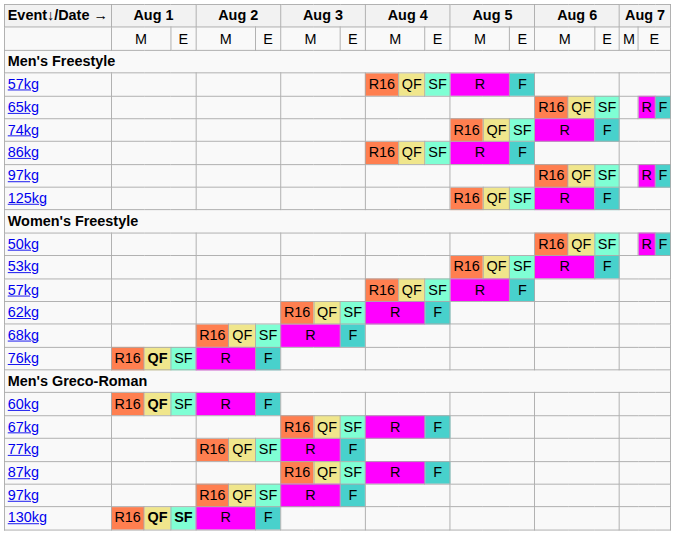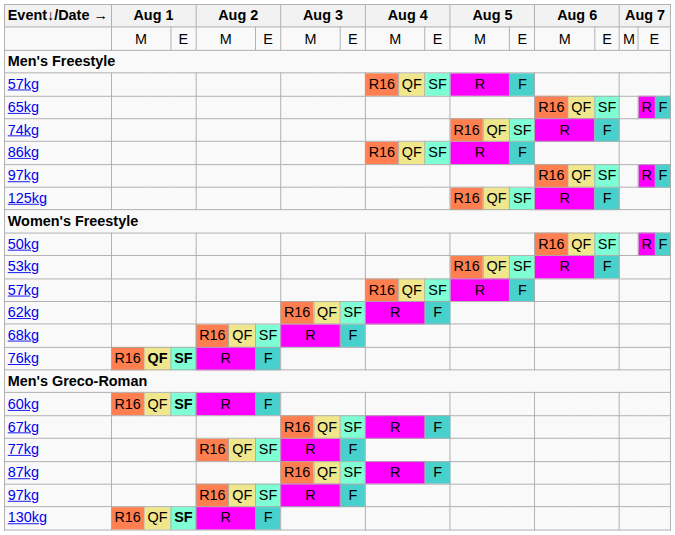 <table class="wikitable olympic-schedule Wrestling">
 <tr>
 <th>Event↓/Date →</th>
 <th colspan="3">Aug 1</th>
 <th colspan="3">Aug 2</th>
 <th colspan="3">Aug 3</th>
 <th colspan="3">Aug 4</th>
 <th colspan="3">Aug 5</th>
 <th colspan="3">Aug 6</th>
 <th colspan="3">Aug 7</th>
 </tr>
 <tr>
 <td></td>
 <td colspan="2" align=center>M</td>
 <td align=center>E</td>
 <td colspan="2" align=center>M</td>
 <td align=center>E</td>
 <td colspan="2" align=center>M</td>
 <td align=center>E</td>
 <td colspan="2" align=center>M</td>
 <td align=center>E</td>
 <td colspan="2" align=center>M</td>
 <td align=center>E</td>
 <td colspan="2" align=center>M</td>
 <td align=center>E</td>
 <td align=center>M</td>
 <td colspan="2" align=center>E</td>
 </tr>
 <tr>
 <td colspan="22" class="event"><strong>Men's Freestyle</strong></td>
 </tr>
 <tr>
 <td class="event"><a href='#'>57kg</a></td>
 <td colspan="3"></td>
 <td colspan="3"></td>
 <td colspan="3"></td>
 <td bgcolor="#FF7F50" align=center>R16</td>
 <td bgcolor="#F0E68C" align=center>QF</td>
 <td bgcolor="#7FFFD4" align=center>SF</td>
 <td colspan="2" bgcolor="#FF00FF" align=center>R</td>
 <td bgcolor="#48D1CC" align=center>F</td>
 <td colspan="3"></td>
 <td colspan="3"></td>
 </tr>
 <tr>
 <td class="event"><a href='#'>65kg</a></td>
 <td colspan="3"></td>
 <td colspan="3"></td>
 <td colspan="3"></td>
 <td colspan="3"></td>
 <td colspan="3"></td>
 <td bgcolor="#FF7F50" align=center>R16</td>
 <td bgcolor="#F0E68C" align=center>QF</td>
 <td bgcolor="#7FFFD4" align=center>SF</td>
 <td></td>
 <td bgcolor="#FF00FF" align=center>R</td>
 <td bgcolor="#48D1CC" align=center>F</td>
 </tr>
 <tr>
 <td class="event"><a href='#'>74kg</a></td>
 <td colspan="3"></td>
 <td colspan="3"></td>
 <td colspan="3"></td>
 <td colspan="3"></td>
 <td bgcolor="#FF7F50" align=center>R16</td>
 <td bgcolor="#F0E68C" align=center>QF</td>
 <td bgcolor="#7FFFD4" align=center>SF</td>
 <td colspan="2" bgcolor="#FF00FF" align=center>R</td>
 <td bgcolor="#48D1CC" align=center>F</td>
 <td colspan="3"></td>
 </tr>
 <tr>
 <td class="event"><a href='#'>86kg</a></td>
 <td colspan="3"></td>
 <td colspan="3"></td>
 <td colspan="3"></td>
 <td bgcolor="#FF7F50" align=center>R16</td>
 <td bgcolor="#F0E68C" align=center>QF</td>
 <td bgcolor="#7FFFD4" align=center>SF</td>
 <td colspan="2" bgcolor="#FF00FF" align=center>R</td>
 <td bgcolor="#48D1CC" align=center>F</td>
 <td colspan="3"></td>
 <td colspan="3"></td>
 </tr>
 <tr>
 <td class="event"><a href='#'>97kg</a></td>
 <td colspan="3"></td>
 <td colspan="3"></td>
 <td colspan="3"></td>
 <td colspan="3"></td>
 <td colspan="3"></td>
 <td bgcolor="#FF7F50" align=center>R16</td>
 <td bgcolor="#F0E68C" align=center>QF</td>
 <td bgcolor="#7FFFD4" align=center>SF</td>
 <td></td>
 <td bgcolor="#FF00FF" align=center>R</td>
 <td bgcolor="#48D1CC" align=center>F</td>
 </tr>
 <tr>
 <td class="event"><a href='#'>125kg</a></td>
 <td colspan="3"></td>
 <td colspan="3"></td>
 <td colspan="3"></td>
 <td colspan="3"></td>
 <td bgcolor="#FF7F50" align=center>R16</td>
 <td bgcolor="#F0E68C" align=center>QF</td>
 <td bgcolor="#7FFFD4" align=center>SF</td>
 <td colspan="2" bgcolor="#FF00FF" align=center>R</td>
 <td bgcolor="#48D1CC" align=center>F</td>
 <td colspan="3"></td>
 </tr>
 <tr>
 <td colspan="22" class="event"><strong>Women's Freestyle</strong></td>
 </tr>
 <tr>
 <td class="event"><a href='#'>50kg</a></td>
 <td colspan="3"></td>
 <td colspan="3"></td>
 <td colspan="3"></td>
 <td colspan="3"></td>
 <td colspan="3"></td>
 <td bgcolor="#FF7F50" align=center>R16</td>
 <td bgcolor="#F0E68C" align=center>QF</td>
 <td bgcolor="#7FFFD4" align=center>SF</td>
 <td></td>
 <td bgcolor="#FF00FF" align=center>R</td>
 <td bgcolor="#48D1CC" align=center>F</td>
 </tr>
 <tr>
 <td class="event"><a href='#'>53kg</a></td>
 <td colspan="3"></td>
 <td colspan="3"></td>
 <td colspan="3"></td>
 <td colspan="3"></td>
 <td bgcolor="#FF7F50" align=center>R16</td>
 <td bgcolor="#F0E68C" align=center>QF</td>
 <td bgcolor="#7FFFD4" align=center>SF</td>
 <td colspan="2" bgcolor="#FF00FF" align=center>R</td>
 <td bgcolor="#48D1CC" align=center>F</td>
 <td colspan="3"></td>
 </tr>
 <tr>
 <td class="event"><a href='#'>57kg</a></td>
 <td colspan="3"></td>
 <td colspan="3"></td>
 <td colspan="3"></td>
 <td bgcolor="#FF7F50" align=center>R16</td>
 <td bgcolor="#F0E68C" align=center>QF</td>
 <td bgcolor="#7FFFD4" align=center>SF</td>
 <td colspan="2" bgcolor="#FF00FF" align=center>R</td>
 <td bgcolor="#48D1CC" align=center>F</td>
 <td colspan="3"></td>
 <td colspan="3"></td>
 </tr>
 <tr>
 <td class="event"><a href='#'>62kg</a></td>
 <td colspan="3"></td>
 <td colspan="3"></td>
 <td bgcolor="#FF7F50" align=center>R16</td>
 <td bgcolor="#F0E68C" align=center>QF</td>
 <td bgcolor="#7FFFD4" align=center>SF</td>
 <td colspan="2" bgcolor="#FF00FF" align=center>R</td>
 <td bgcolor="#48D1CC" align=center>F</td>
 <td colspan="3"></td>
 <td colspan="3"></td>
 <td colspan="3"></td>
 </tr>
 <tr>
 <td class="event"><a href='#'>68kg</a></td>
 <td colspan="3"></td>
 <td bgcolor="#FF7F50" align=center>R16</td>
 <td bgcolor="#F0E68C" align=center>QF</td>
 <td bgcolor="#7FFFD4" align=center>SF</td>
 <td colspan="2" bgcolor="#FF00FF" align=center>R</td>
 <td bgcolor="#48D1CC" align=center>F</td>
 <td colspan="3"></td>
 <td colspan="3"></td>
 <td colspan="3"></td>
 <td colspan="3"></td>
 </tr>
 <tr>
 <td class="event"><a href='#'>76kg</a></td>
 <td bgcolor="#FF7F50" align=center>R16</td>
 <td bgcolor="#F0E68C" align=center><strong>QF</strong></td>
-<td bgcolor="#7FFFD4" align=center>SF</td>
+<td bgcolor="#7FFFD4" align=center><strong>SF</strong></td>
 <td colspan="2" bgcolor="#FF00FF" align=center>R</td>
 <td bgcolor="#48D1CC" align=center>F</td>
 <td colspan="3"></td>
 <td colspan="3"></td>
 <td colspan="3"></td>
 <td colspan="3"></td>
 <td colspan="3"></td>
 </tr>
 <tr>
 <td colspan="22" class="event"><strong>Men's Greco-Roman</strong></td>
 </tr>
 <tr>
 <td class="event"><a href='#'>60kg</a></td>
 <td bgcolor="#FF7F50" align=center>R16</td>
-<td bgcolor="#F0E68C" align=center><strong>QF</strong></td>
-<td bgcolor="#7FFFD4" align=center>SF</td>
+<td bgcolor="#F0E68C" align=center>QF</td>
+<td bgcolor="#7FFFD4" align=center><strong>SF</strong></td>
 <td colspan="2" bgcolor="#FF00FF" align=center>R</td>
 <td bgcolor="#48D1CC" align=center>F</td>
 <td colspan="3"></td>
 <td colspan="3"></td>
 <td colspan="3"></td>
 <td colspan="3"></td>
 <td colspan="3"></td>
 </tr>
 <tr>
 <td class="event"><a href='#'>67kg</a></td>
 <td colspan="3"></td>
 <td colspan="3"></td>
 <td bgcolor="#FF7F50" align=center>R16</td>
 <td bgcolor="#F0E68C" align=center>QF</td>
 <td bgcolor="#7FFFD4" align=center>SF</td>
 <td colspan="2" bgcolor="#FF00FF" align=center>R</td>
 <td bgcolor="#48D1CC" align=center>F</td>
 <td colspan="3"></td>
 <td colspan="3"></td>
 <td colspan="3"></td>
 </tr>
 <tr>
 <td class="event"><a href='#'>77kg</a></td>
 <td colspan="3"></td>
 <td bgcolor="#FF7F50" align=center>R16</td>
 <td bgcolor="#F0E68C" align=center>QF</td>
 <td bgcolor="#7FFFD4" align=center>SF</td>
 <td colspan="2" bgcolor="#FF00FF" align=center>R</td>
 <td bgcolor="#48D1CC" align=center>F</td>
 <td colspan="3"></td>
 <td colspan="3"></td>
 <td colspan="3"></td>
 <td colspan="3"></td>
 </tr>
 <tr>
 <td class="event"><a href='#'>87kg</a></td>
 <td colspan="3"></td>
 <td colspan="3"></td>
 <td bgcolor="#FF7F50" align=center>R16</td>
 <td bgcolor="#F0E68C" align=center>QF</td>
 <td bgcolor="#7FFFD4" align=center>SF</td>
 <td colspan="2" bgcolor="#FF00FF" align=center>R</td>
 <td bgcolor="#48D1CC" align=center>F</td>
 <td colspan="3"></td>
 <td colspan="3"></td>
 <td colspan="3"></td>
 </tr>
 <tr>
 <td class="event"><a href='#'>97kg</a></td>
 <td colspan="3"></td>
 <td bgcolor="#FF7F50" align=center>R16</td>
 <td bgcolor="#F0E68C" align=center>QF</td>
 <td bgcolor="#7FFFD4" align=center>SF</td>
 <td colspan="2" bgcolor="#FF00FF" align=center>R</td>
 <td bgcolor="#48D1CC" align=center>F</td>
 <td colspan="3"></td>
 <td colspan="3"></td>
 <td colspan="3"></td>
 <td colspan="3"></td>
 </tr>
 <tr>
 <td class="event"><a href='#'>130kg</a></td>
 <td bgcolor="#FF7F50" align=center>R16</td>
-<td bgcolor="#F0E68C" align=center><strong>QF</strong></td>
+<td bgcolor="#F0E68C" align=center>QF</td>
 <td bgcolor="#7FFFD4" align=center><strong>SF</strong></td>
 <td colspan="2" bgcolor="#FF00FF" align=center>R</td>
 <td bgcolor="#48D1CC" align=center>F</td>
 <td colspan="3"></td>
 <td colspan="3"></td>
 <td colspan="3"></td>
 <td colspan="3"></td>
 <td colspan="3"></td>
 </tr>
 </table>
